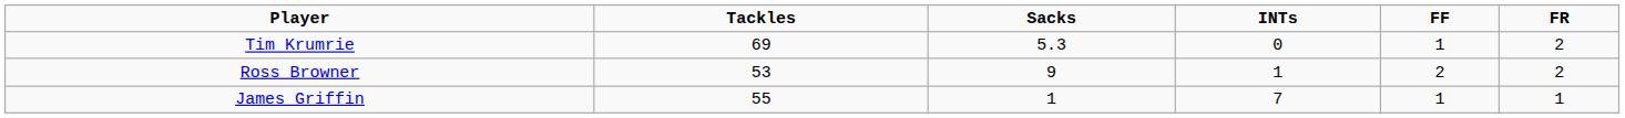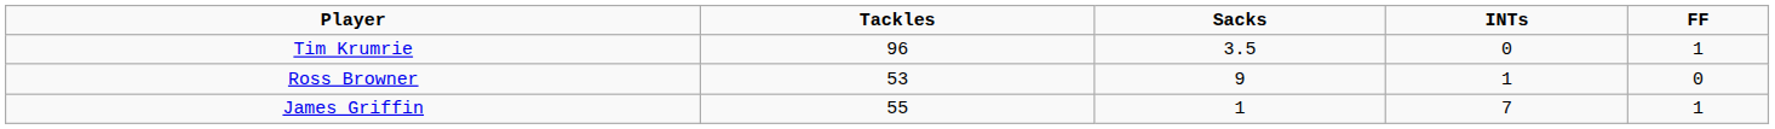 <table class="wikitable" width="80%">
 <tr align="center">
 <td><strong>Player</strong></td>
 <td><strong>Tackles</strong></td>
 <td><strong>Sacks</strong></td>
 <td><strong>INTs</strong></td>
 <td><strong>FF</strong></td>
-<td><strong>FR</strong></td>
 </tr>
 <tr align="center" bgcolor="">
 <td><a href='#'>Tim Krumrie</a></td>
-<td>69</td>
-<td>5.3</td>
+<td>96</td>
+<td>3.5</td>
 <td>0</td>
 <td>1</td>
-<td>2</td>
 </tr>
 <tr align="center" bgcolor="">
 <td><a href='#'>Ross Browner</a></td>
 <td>53</td>
 <td>9</td>
 <td>1</td>
-<td>2</td>
-<td>2</td>
+<td>0</td>
 </tr>
 <tr align="center" bgcolor="">
 <td><a href='#'>James Griffin</a></td>
 <td>55</td>
 <td>1</td>
 <td>7</td>
 <td>1</td>
-<td>1</td>
 </tr>
 </table>
